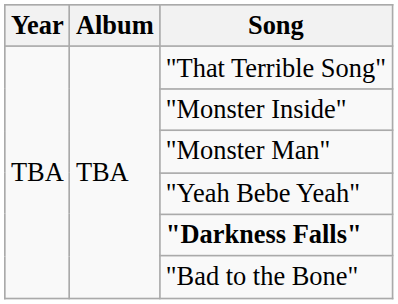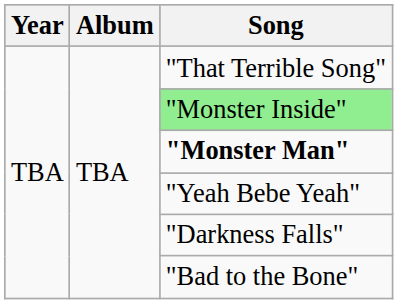 <table class="wikitable">
 <tr>
 <th>Year</th>
 <th>Album</th>
 <th>Song</th>
 </tr>
 <tr>
 <td rowspan="6">TBA</td>
 <td rowspan="6">TBA</td>
 <td>"That Terrible Song"</td>
 </tr>
 <tr>
-<td>"Monster Inside"</td>
+<td style="background: lightgreen;">"Monster Inside"</td>
 </tr>
 <tr>
-<td>"Monster Man"</td>
+<td><strong>"Monster Man"</strong></td>
 </tr>
 <tr>
 <td>"Yeah Bebe Yeah"</td>
 </tr>
 <tr>
-<td><strong>"Darkness Falls"</strong></td>
+<td>"Darkness Falls"</td>
 </tr>
 <tr>
 <td>"Bad to the Bone"</td>
 </tr>
 </table>
